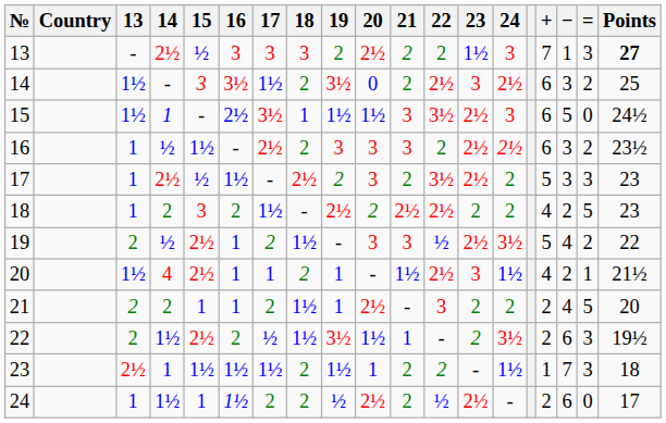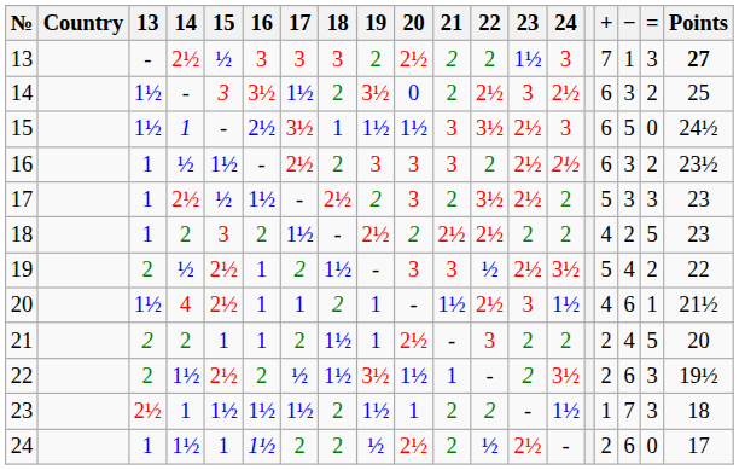 <table class="wikitable" style="text-align:center">
 <tr>
 <th>№</th>
 <th>Country</th>
 <th>13</th>
 <th>14</th>
 <th>15</th>
 <th>16</th>
 <th>17</th>
 <th>18</th>
 <th>19</th>
 <th>20</th>
 <th>21</th>
 <th>22</th>
 <th>23</th>
 <th>24</th>
 <th></th>
 <th>+</th>
 <th>−</th>
 <th>=</th>
 <th>Points</th>
 </tr>
 <tr>
 <td>13</td>
 <td style="text-align: left"></td>
 <td>-</td>
 <td style="color:red;">2½</td>
 <td style="color:blue;">½</td>
 <td style="color:red;">3</td>
 <td style="color:red;">3</td>
 <td style="color:red;">3</td>
 <td style="color:green;">2</td>
 <td style="color:red;">2½</td>
 <td style="color:green;"><em>2</em></td>
 <td style="color:green;">2</td>
 <td style="color:blue;">1½</td>
 <td style="color:red;">3</td>
 <th></th>
 <td>7</td>
 <td>1</td>
 <td>3</td>
 <td><strong>27</strong></td>
 </tr>
 <tr>
 <td>14</td>
 <td style="text-align: left"></td>
 <td style="color:blue;">1½</td>
 <td>-</td>
 <td style="color:red;"><em>3</em></td>
 <td style="color:red;">3½</td>
 <td style="color:blue;">1½</td>
 <td style="color:green;">2</td>
 <td style="color:red;">3½</td>
 <td style="color:blue;">0</td>
 <td style="color:green;">2</td>
 <td style="color:red;">2½</td>
 <td style="color:red;">3</td>
 <td style="color:red;">2½</td>
 <th></th>
 <td>6</td>
 <td>3</td>
 <td>2</td>
 <td>25</td>
 </tr>
 <tr>
 <td>15</td>
 <td style="text-align: left"></td>
 <td style="color:blue;">1½</td>
 <td style="color:blue;"><em>1</em></td>
 <td>-</td>
 <td style="color:blue;">2½</td>
 <td style="color:red;">3½</td>
 <td style="color:blue;">1</td>
 <td style="color:blue;">1½</td>
 <td style="color:blue;">1½</td>
 <td style="color:red;">3</td>
 <td style="color:red;">3½</td>
 <td style="color:red;">2½</td>
 <td style="color:red;">3</td>
 <th></th>
 <td>6</td>
 <td>5</td>
 <td>0</td>
 <td>24½</td>
 </tr>
 <tr>
 <td>16</td>
 <td style="text-align: left"></td>
 <td style="color:blue;">1</td>
 <td style="color:blue;">½</td>
 <td style="color:blue;">1½</td>
 <td>-</td>
 <td style="color:red;">2½</td>
 <td style="color:green;">2</td>
 <td style="color:red;">3</td>
 <td style="color:red;">3</td>
 <td style="color:red;">3</td>
 <td style="color:green;">2</td>
 <td style="color:red;">2½</td>
 <td style="color:red;"><em>2½</em></td>
 <th></th>
 <td>6</td>
 <td>3</td>
 <td>2</td>
 <td>23½</td>
 </tr>
 <tr>
 <td>17</td>
 <td style="text-align: left"></td>
 <td style="color:blue;">1</td>
 <td style="color:red;">2½</td>
 <td style="color:blue;">½</td>
 <td style="color:blue;">1½</td>
 <td>-</td>
 <td style="color:red;">2½</td>
 <td style="color:green;"><em>2</em></td>
 <td style="color:red;">3</td>
 <td style="color:green;">2</td>
 <td style="color:red;">3½</td>
 <td style="color:red;">2½</td>
 <td style="color:green;">2</td>
 <th></th>
 <td>5</td>
 <td>3</td>
 <td>3</td>
 <td>23</td>
 </tr>
 <tr>
 <td>18</td>
 <td style="text-align: left"></td>
 <td style="color:blue;">1</td>
 <td style="color:green;">2</td>
 <td style="color:red;">3</td>
 <td style="color:green;">2</td>
 <td style="color:blue;">1½</td>
 <td>-</td>
 <td style="color:red;">2½</td>
 <td style="color:green;"><em>2</em></td>
 <td style="color:red;">2½</td>
 <td style="color:red;">2½</td>
 <td style="color:green;">2</td>
 <td style="color:green;">2</td>
 <th></th>
 <td>4</td>
 <td>2</td>
 <td>5</td>
 <td>23</td>
 </tr>
 <tr>
 <td>19</td>
 <td style="text-align: left"></td>
 <td style="color:green;">2</td>
 <td style="color:blue;">½</td>
 <td style="color:red;">2½</td>
 <td style="color:blue;">1</td>
 <td style="color:green;"><em>2</em></td>
 <td style="color:blue;">1½</td>
 <td>-</td>
 <td style="color:red;">3</td>
 <td style="color:red;">3</td>
 <td style="color:blue;">½</td>
 <td style="color:red;">2½</td>
 <td style="color:red;">3½</td>
 <th></th>
 <td>5</td>
 <td>4</td>
 <td>2</td>
 <td>22</td>
 </tr>
 <tr>
 <td>20</td>
 <td style="text-align: left"></td>
 <td style="color:blue;">1½</td>
 <td style="color:red;">4</td>
 <td style="color:red;">2½</td>
 <td style="color:blue;">1</td>
 <td style="color:blue;">1</td>
 <td style="color:green;"><em>2</em></td>
 <td style="color:blue;">1</td>
 <td>-</td>
 <td style="color:blue;">1½</td>
 <td style="color:red;">2½</td>
 <td style="color:red;">3</td>
 <td style="color:blue;">1½</td>
 <th></th>
 <td>4</td>
-<td>2</td>
+<td>6</td>
 <td>1</td>
 <td>21½</td>
 </tr>
 <tr>
 <td>21</td>
 <td style="text-align: left"></td>
 <td style="color:green;"><em>2</em></td>
 <td style="color:green;">2</td>
 <td style="color:blue;">1</td>
 <td style="color:blue;">1</td>
 <td style="color:green;">2</td>
 <td style="color:blue;">1½</td>
 <td style="color:blue;">1</td>
 <td style="color:red;">2½</td>
 <td>-</td>
 <td style="color:red;">3</td>
 <td style="color:green;">2</td>
 <td style="color:green;">2</td>
 <th></th>
 <td>2</td>
 <td>4</td>
 <td>5</td>
 <td>20</td>
 </tr>
 <tr>
 <td>22</td>
 <td style="text-align: left"></td>
 <td style="color:green;">2</td>
 <td style="color:blue;">1½</td>
 <td style="color:red;">2½</td>
 <td style="color:green;">2</td>
 <td style="color:blue;">½</td>
 <td style="color:blue;">1½</td>
 <td style="color:red;">3½</td>
 <td style="color:blue;">1½</td>
 <td style="color:blue;">1</td>
 <td>-</td>
 <td style="color:green;"><em>2</em></td>
 <td style="color:red;">3½</td>
 <th></th>
 <td>2</td>
 <td>6</td>
 <td>3</td>
 <td>19½</td>
 </tr>
 <tr>
 <td>23</td>
 <td style="text-align: left"></td>
 <td style="color:red;">2½</td>
 <td style="color:blue;">1</td>
 <td style="color:blue;">1½</td>
 <td style="color:blue;">1½</td>
 <td style="color:blue;">1½</td>
 <td style="color:green;">2</td>
 <td style="color:blue;">1½</td>
 <td style="color:blue;">1</td>
 <td style="color:green;">2</td>
 <td style="color:green;"><em>2</em></td>
 <td>-</td>
 <td style="color:blue;">1½</td>
 <th></th>
 <td>1</td>
 <td>7</td>
 <td>3</td>
 <td>18</td>
 </tr>
 <tr>
 <td>24</td>
 <td style="text-align: left"></td>
 <td style="color:blue;">1</td>
 <td style="color:blue;">1½</td>
 <td style="color:blue;">1</td>
 <td style="color:blue;"><em>1½</em></td>
 <td style="color:green;">2</td>
 <td style="color:green;">2</td>
 <td style="color:blue;">½</td>
 <td style="color:red;">2½</td>
 <td style="color:green;">2</td>
 <td style="color:blue;">½</td>
 <td style="color:red;">2½</td>
 <td>-</td>
 <th></th>
 <td>2</td>
 <td>6</td>
 <td>0</td>
 <td>17</td>
 </tr>
 </table>
